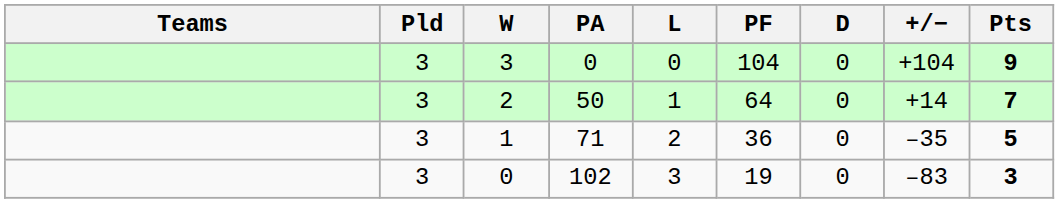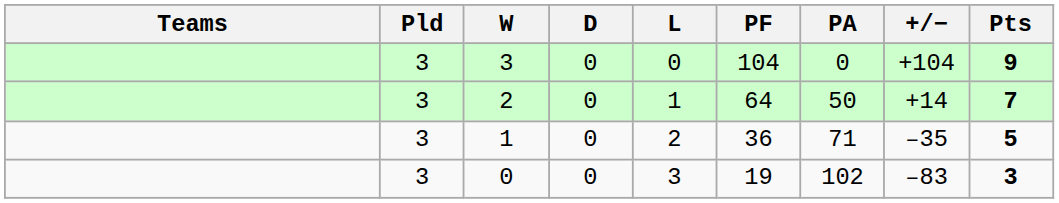 <table class="wikitable" style="text-align: center;">
 <tr>
 <th width="200">Teams</th>
 <th width="40">Pld</th>
 <th width="40">W</th>
-<th width="40">PA</th>
+<th width="40">D</th>
 <th width="40">L</th>
 <th width="40">PF</th>
-<th width="40">D</th>
+<th width="40">PA</th>
 <th width="40">+/−</th>
 <th width="40">Pts</th>
 </tr>
 <tr bgcolor=ccffcc>
 <td align=left></td>
 <td>3</td>
 <td>3</td>
 <td>0</td>
 <td>0</td>
 <td>104</td>
 <td>0</td>
 <td>+104</td>
 <td><strong>9</strong></td>
 </tr>
 <tr bgcolor=ccffcc>
 <td align=left></td>
 <td>3</td>
 <td>2</td>
-<td>50</td>
+<td>0</td>
 <td>1</td>
 <td>64</td>
-<td>0</td>
+<td>50</td>
 <td>+14</td>
 <td><strong>7</strong></td>
 </tr>
 <tr>
 <td align=left></td>
 <td>3</td>
 <td>1</td>
-<td>71</td>
+<td>0</td>
 <td>2</td>
 <td>36</td>
-<td>0</td>
+<td>71</td>
 <td>–35</td>
 <td><strong>5</strong></td>
 </tr>
 <tr>
 <td align=left></td>
 <td>3</td>
 <td>0</td>
-<td>102</td>
+<td>0</td>
 <td>3</td>
 <td>19</td>
-<td>0</td>
+<td>102</td>
 <td>–83</td>
 <td><strong>3</strong></td>
 </tr>
 </table>
